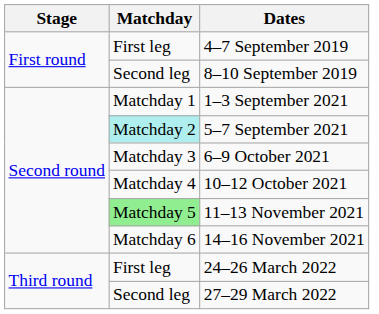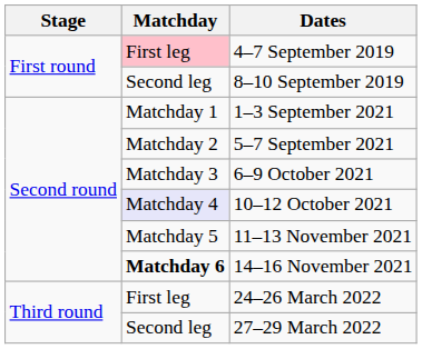 <table class="wikitable">
 <tr>
 <th>Stage</th>
 <th>Matchday</th>
 <th>Dates</th>
 </tr>
 <tr>
 <td rowspan="2"><a href='#'>First round</a></td>
-<td>First leg</td>
+<td style="background: pink;">First leg</td>
 <td>4–7 September 2019</td>
 </tr>
 <tr>
 <td>Second leg</td>
 <td>8–10 September 2019</td>
 </tr>
 <tr>
 <td rowspan="6"><a href='#'>Second round</a></td>
 <td>Matchday 1</td>
 <td>1–3 September 2021</td>
 </tr>
 <tr>
-<td style="background: paleturquoise;">Matchday 2</td>
+<td>Matchday 2</td>
 <td>5–7 September 2021</td>
 </tr>
 <tr>
 <td>Matchday 3</td>
 <td>6–9 October 2021</td>
 </tr>
 <tr>
-<td>Matchday 4</td>
+<td style="background: lavender;">Matchday 4</td>
 <td>10–12 October 2021</td>
 </tr>
 <tr>
-<td style="background: lightgreen;">Matchday 5</td>
+<td>Matchday 5</td>
 <td>11–13 November 2021</td>
 </tr>
 <tr>
-<td>Matchday 6</td>
+<td><strong>Matchday 6</strong></td>
 <td>14–16 November 2021</td>
 </tr>
 <tr>
 <td rowspan="2"><a href='#'>Third round</a></td>
 <td>First leg</td>
 <td>24–26 March 2022</td>
 </tr>
 <tr>
 <td>Second leg</td>
 <td>27–29 March 2022</td>
 </tr>
 </table>
